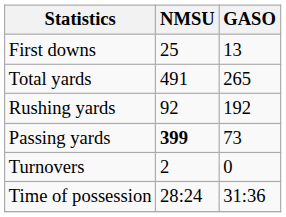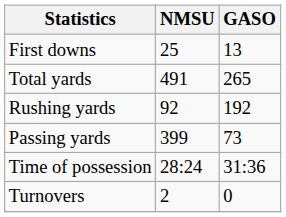 <table class="wikitable" style="float: left;">
 <tr>
 <th>Statistics</th>
 <th>NMSU</th>
 <th>GASO</th>
 </tr>
 <tr>
 <td>First downs</td>
 <td>25</td>
 <td>13</td>
 </tr>
 <tr>
 <td>Total yards</td>
 <td>491</td>
 <td>265</td>
 </tr>
 <tr>
 <td>Rushing yards</td>
 <td>92</td>
 <td>192</td>
 </tr>
 <tr>
 <td>Passing yards</td>
-<td><strong>399</strong></td>
+<td>399</td>
 <td>73</td>
+</tr>
+<tr>
+<td>Time of possession</td>
+<td>28:24</td>
+<td>31:36</td>
 </tr>
 <tr>
 <td>Turnovers</td>
 <td>2</td>
 <td>0</td>
 </tr>
 <tr>
-<td>Time of possession</td>
-<td>28:24</td>
-<td>31:36</td>
-</tr>
-<tr>
 </tr>
 </table>
